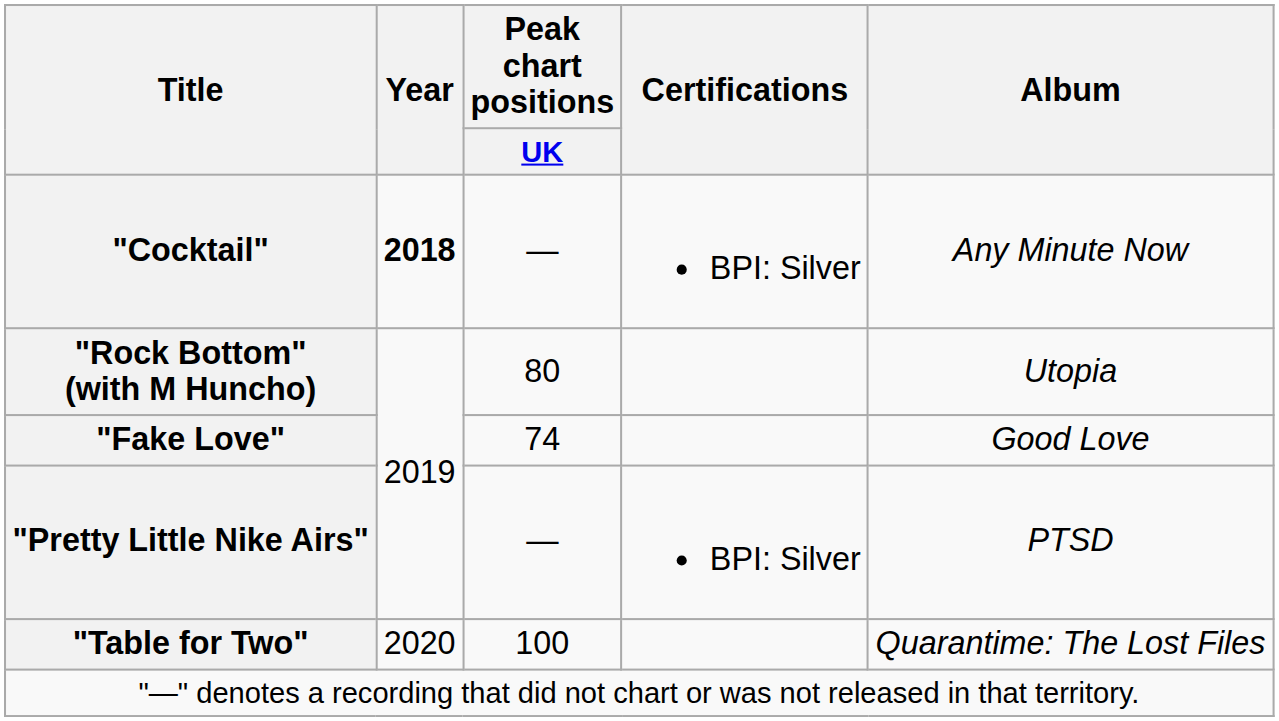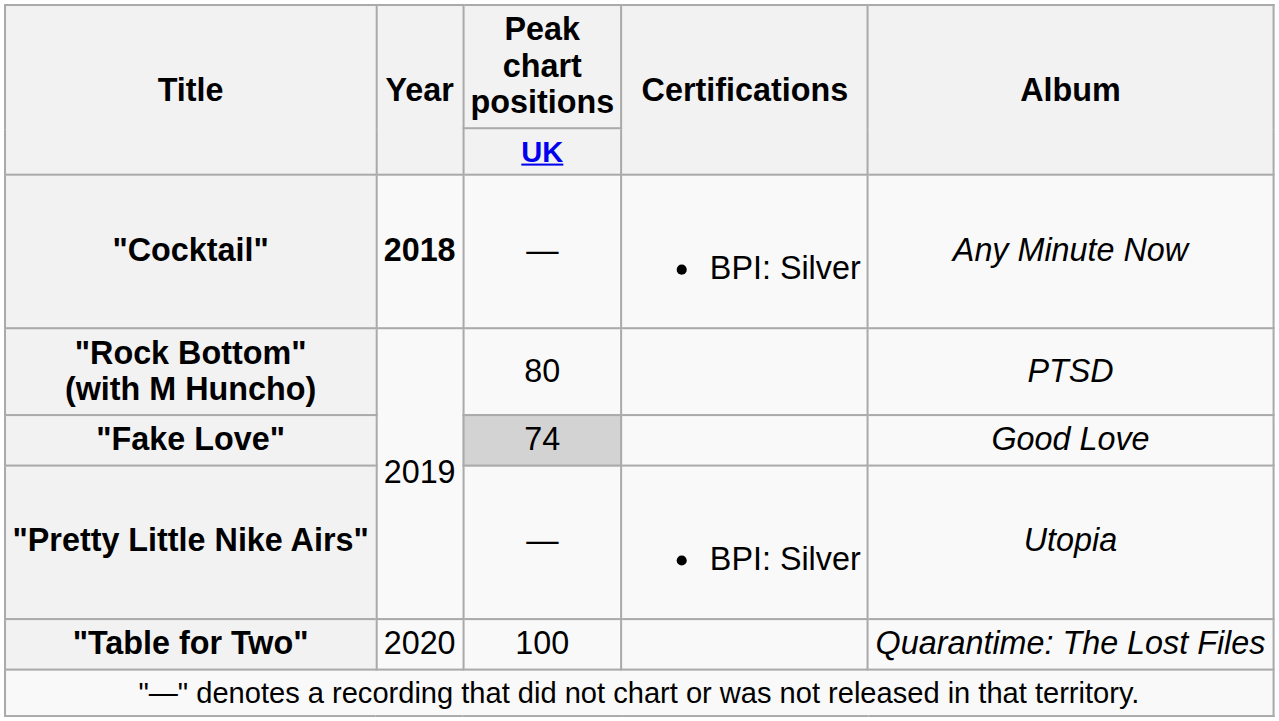 <table class="wikitable plainrowheaders" style="text-align:center;">
 <tr>
 <th scope="col" rowspan="2">Title</th>
 <th scope="col" rowspan="2">Year</th>
 <th scope="col" colspan="1">Peak chart positions</th>
 <th scope="col" rowspan="2">Certifications</th>
 <th scope="col" rowspan="2">Album</th>
 </tr>
 <tr>
 <th scope="col" style="width:3em;font-size:90%;"><a href='#'>UK</a><br></th>
 </tr>
 <tr>
 <th scope="row">"Cocktail"<br></th>
 <td><strong>2018</strong></td>
 <td>—</td>
 <td><br><ul><li>BPI: Silver</li></ul></td>
 <td><em>Any Minute Now</em></td>
 </tr>
 <tr>
 <th scope="row">"Rock Bottom"<br><span>(with M Huncho)</span></th>
 <td rowspan="3">2019</td>
 <td>80</td>
 <td></td>
-<td><em>Utopia</em></td>
+<td><em>PTSD</em></td>
 </tr>
 <tr>
 <th scope="row">"Fake Love"<br></th>
-<td>74</td>
+<td style="background: lightgrey;">74</td>
 <td></td>
 <td><em>Good Love</em></td>
 </tr>
 <tr>
 <th scope="row">"Pretty Little Nike Airs"<br></th>
 <td>—</td>
 <td><br><ul><li>BPI: Silver</li></ul></td>
-<td><em>PTSD</em></td>
+<td><em>Utopia</em></td>
 </tr>
 <tr>
 <th scope="row">"Table for Two"</th>
 <td>2020</td>
 <td>100</td>
 <td></td>
 <td><em>Quarantime: The Lost Files</em></td>
 </tr>
 <tr>
 <td colspan="6" style="font-size:90%">"—" denotes a recording that did not chart or was not released in that territory.</td>
 </tr>
 </table>
